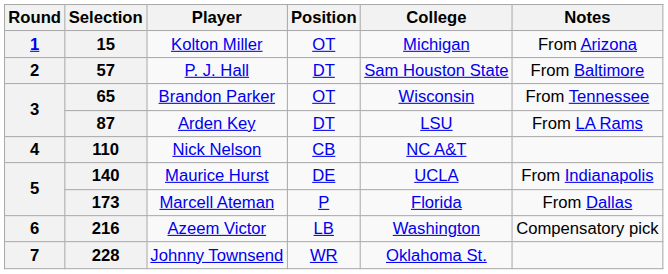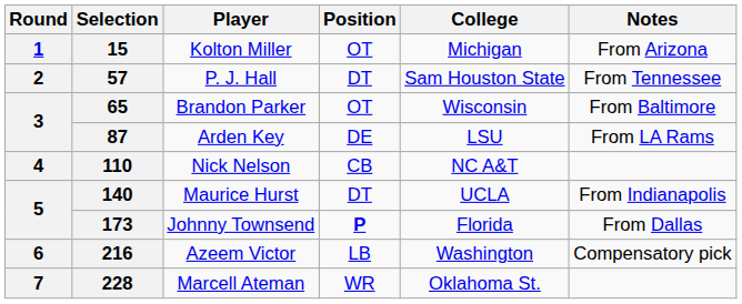 <table class="wikitable" style="text-align:center">
 <tr>
 <th>Round</th>
 <th>Selection</th>
 <th>Player</th>
 <th>Position</th>
 <th>College</th>
 <th>Notes</th>
 </tr>
 <tr>
 <th><a href='#'>1</a></th>
 <th>15</th>
 <td><a href='#'>Kolton Miller</a></td>
 <td><a href='#'>OT</a></td>
 <td><a href='#'>Michigan</a></td>
 <td>From <a href='#'>Arizona</a></td>
 </tr>
 <tr>
 <th>2</th>
 <th>57</th>
 <td><a href='#'>P. J. Hall</a></td>
 <td><a href='#'>DT</a></td>
 <td><a href='#'>Sam Houston State</a></td>
-<td>From <a href='#'>Baltimore</a></td>
+<td>From <a href='#'>Tennessee</a></td>
 </tr>
 <tr>
 <th rowspan="2">3</th>
 <th>65</th>
 <td><a href='#'>Brandon Parker</a></td>
 <td><a href='#'>OT</a></td>
 <td><a href='#'>Wisconsin</a></td>
-<td>From <a href='#'>Tennessee</a></td>
+<td>From <a href='#'>Baltimore</a></td>
 </tr>
 <tr>
 <th>87</th>
 <td><a href='#'>Arden Key</a></td>
-<td><a href='#'>DT</a></td>
+<td><a href='#'>DE</a></td>
 <td><a href='#'>LSU</a></td>
 <td>From <a href='#'>LA Rams</a></td>
 </tr>
 <tr>
 <th>4</th>
 <th>110</th>
 <td><a href='#'>Nick Nelson</a></td>
 <td><a href='#'>CB</a></td>
 <td><a href='#'>NC A&T</a></td>
 <td></td>
 </tr>
 <tr>
 <th rowspan="2">5</th>
 <th>140</th>
 <td><a href='#'>Maurice Hurst</a></td>
-<td><a href='#'>DE</a></td>
+<td><a href='#'>DT</a></td>
 <td><a href='#'>UCLA</a></td>
 <td>From <a href='#'>Indianapolis</a></td>
 </tr>
 <tr>
 <th>173</th>
-<td><a href='#'>Marcell Ateman</a></td>
-<td><a href='#'>P</a></td>
+<td><a href='#'>Johnny Townsend</a></td>
+<td><strong><a href='#'>P</a></strong></td>
 <td><a href='#'>Florida</a></td>
 <td>From <a href='#'>Dallas</a></td>
 </tr>
 <tr>
 <th>6</th>
 <th>216</th>
 <td><a href='#'>Azeem Victor</a></td>
 <td><a href='#'>LB</a></td>
 <td><a href='#'>Washington</a></td>
 <td>Compensatory pick</td>
 </tr>
 <tr>
 <th>7</th>
 <th>228</th>
-<td><a href='#'>Johnny Townsend</a></td>
+<td><a href='#'>Marcell Ateman</a></td>
 <td><a href='#'>WR</a></td>
 <td><a href='#'>Oklahoma St.</a></td>
 <td></td>
 </tr>
 </table>
